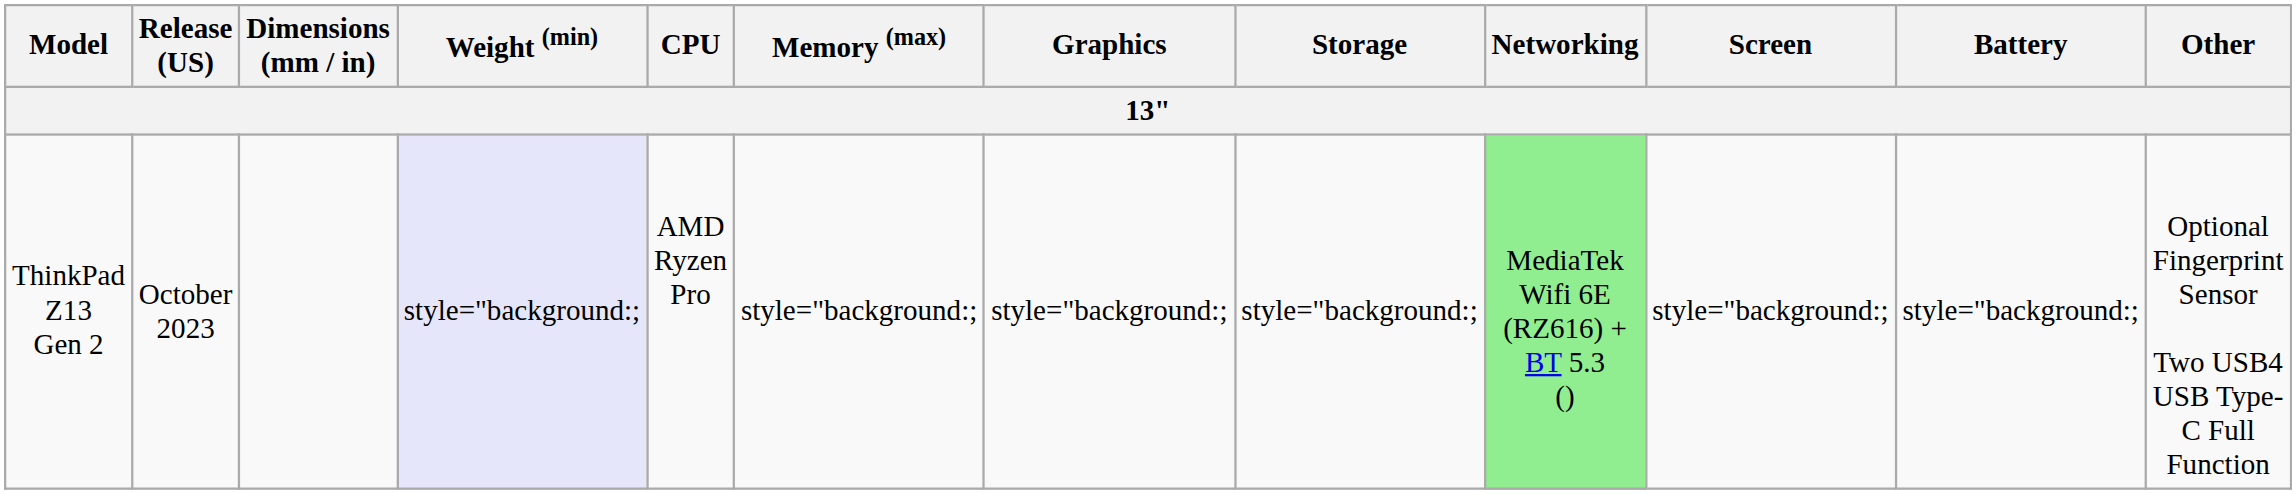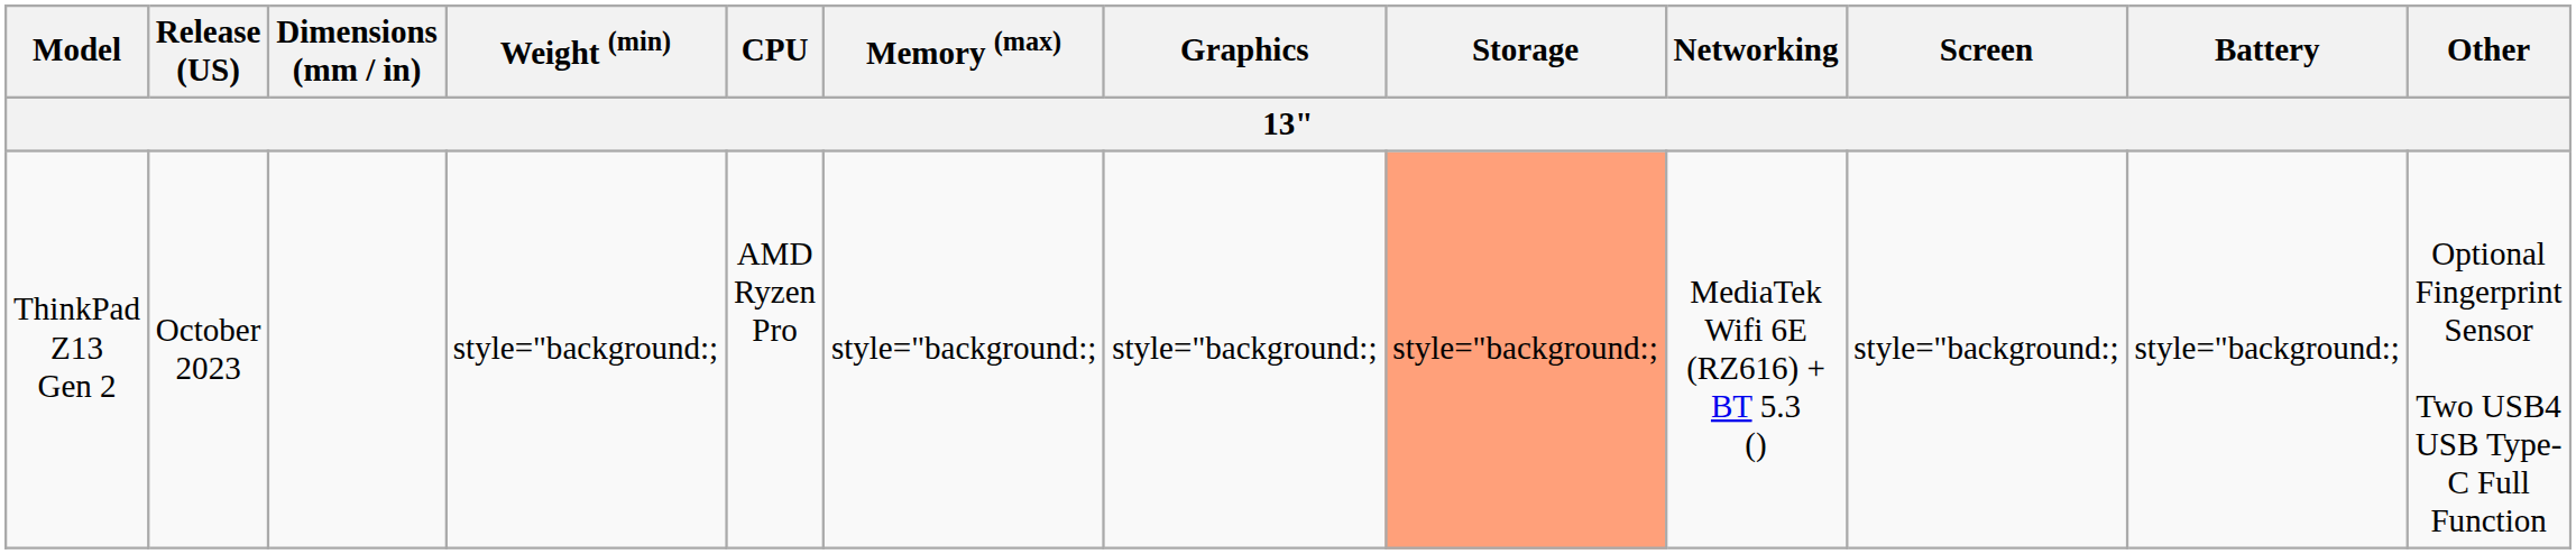 <table class="wikitable" style="font-size: 80%; text-align: center; min-width: 80%;">
 <tr>
 <th>Model</th>
 <th>Release (US)</th>
 <th>Dimensions (mm / in)</th>
 <th>Weight <sup>(min)</sup></th>
 <th style="width:17%">CPU</th>
 <th>Memory <sup>(max)</sup></th>
 <th>Graphics</th>
 <th>Storage</th>
 <th>Networking</th>
 <th>Screen</th>
 <th>Battery</th>
 <th>Other</th>
 </tr>
 <tr>
 <th colspan=12>13"</th>
 </tr>
 <tr>
 <td>ThinkPad Z13 <br>Gen 2 </td>
 <td>October 2023</td>
 <td></td>
-<td style="background: lavender;">style="background:;</td>
+<td>style="background:;</td>
 <td style="background:">AMD Ryzen Pro<br><br><br><br></td>
 <td>style="background:;</td>
 <td>style="background:;</td>
-<td>style="background:;</td>
-<td style="background: lightgreen;"><br>MediaTek Wifi 6E (RZ616) + <a href='#'>BT</a> 5.3 <br>()<br></td>
+<td style="background: lightsalmon;">style="background:;</td>
+<td><br>MediaTek Wifi 6E (RZ616) + <a href='#'>BT</a> 5.3 <br>()<br></td>
 <td>style="background:;</td>
 <td>style="background:;</td>
 <td style="background:"><br><br>Optional <br> Fingerprint Sensor<br><br> Two USB4 USB Type-C Full Function</td>
 </tr>
 </table>
